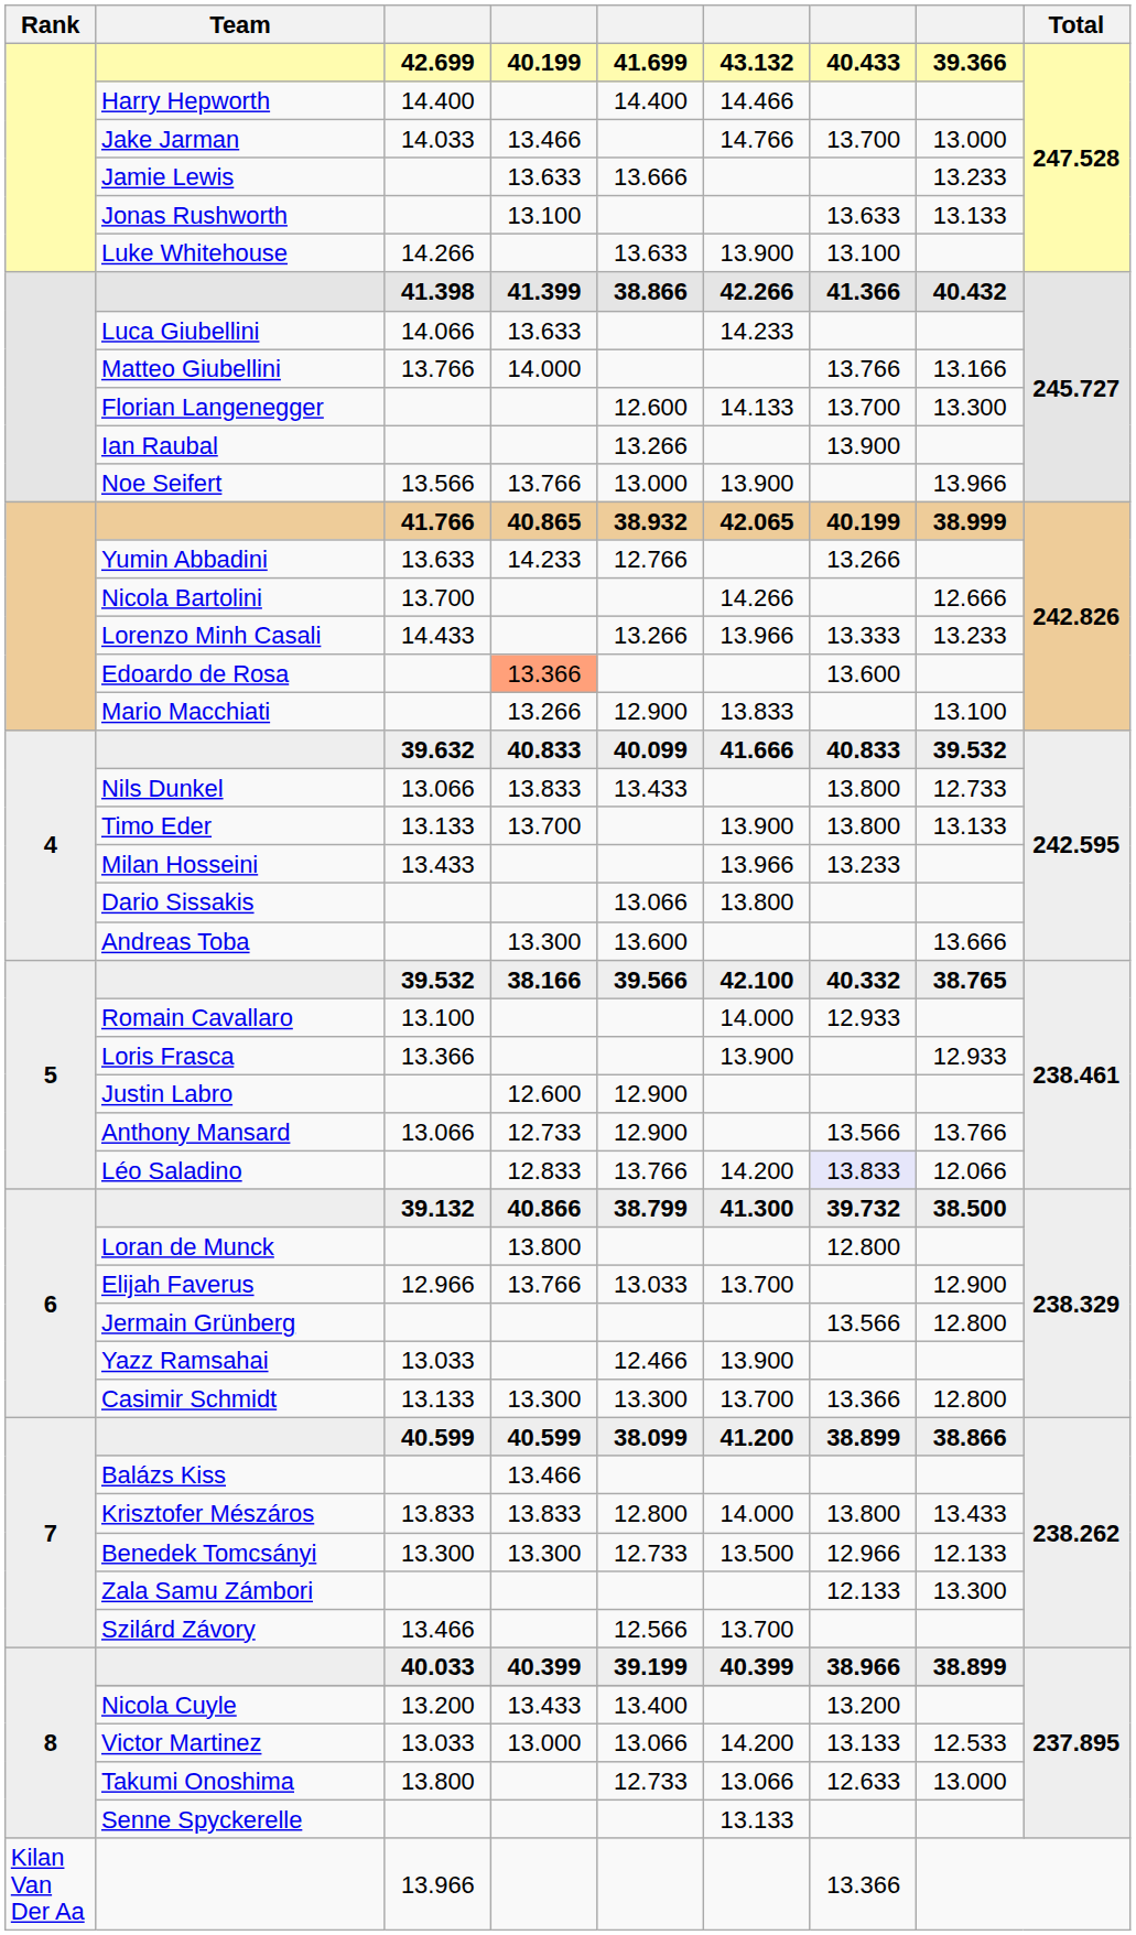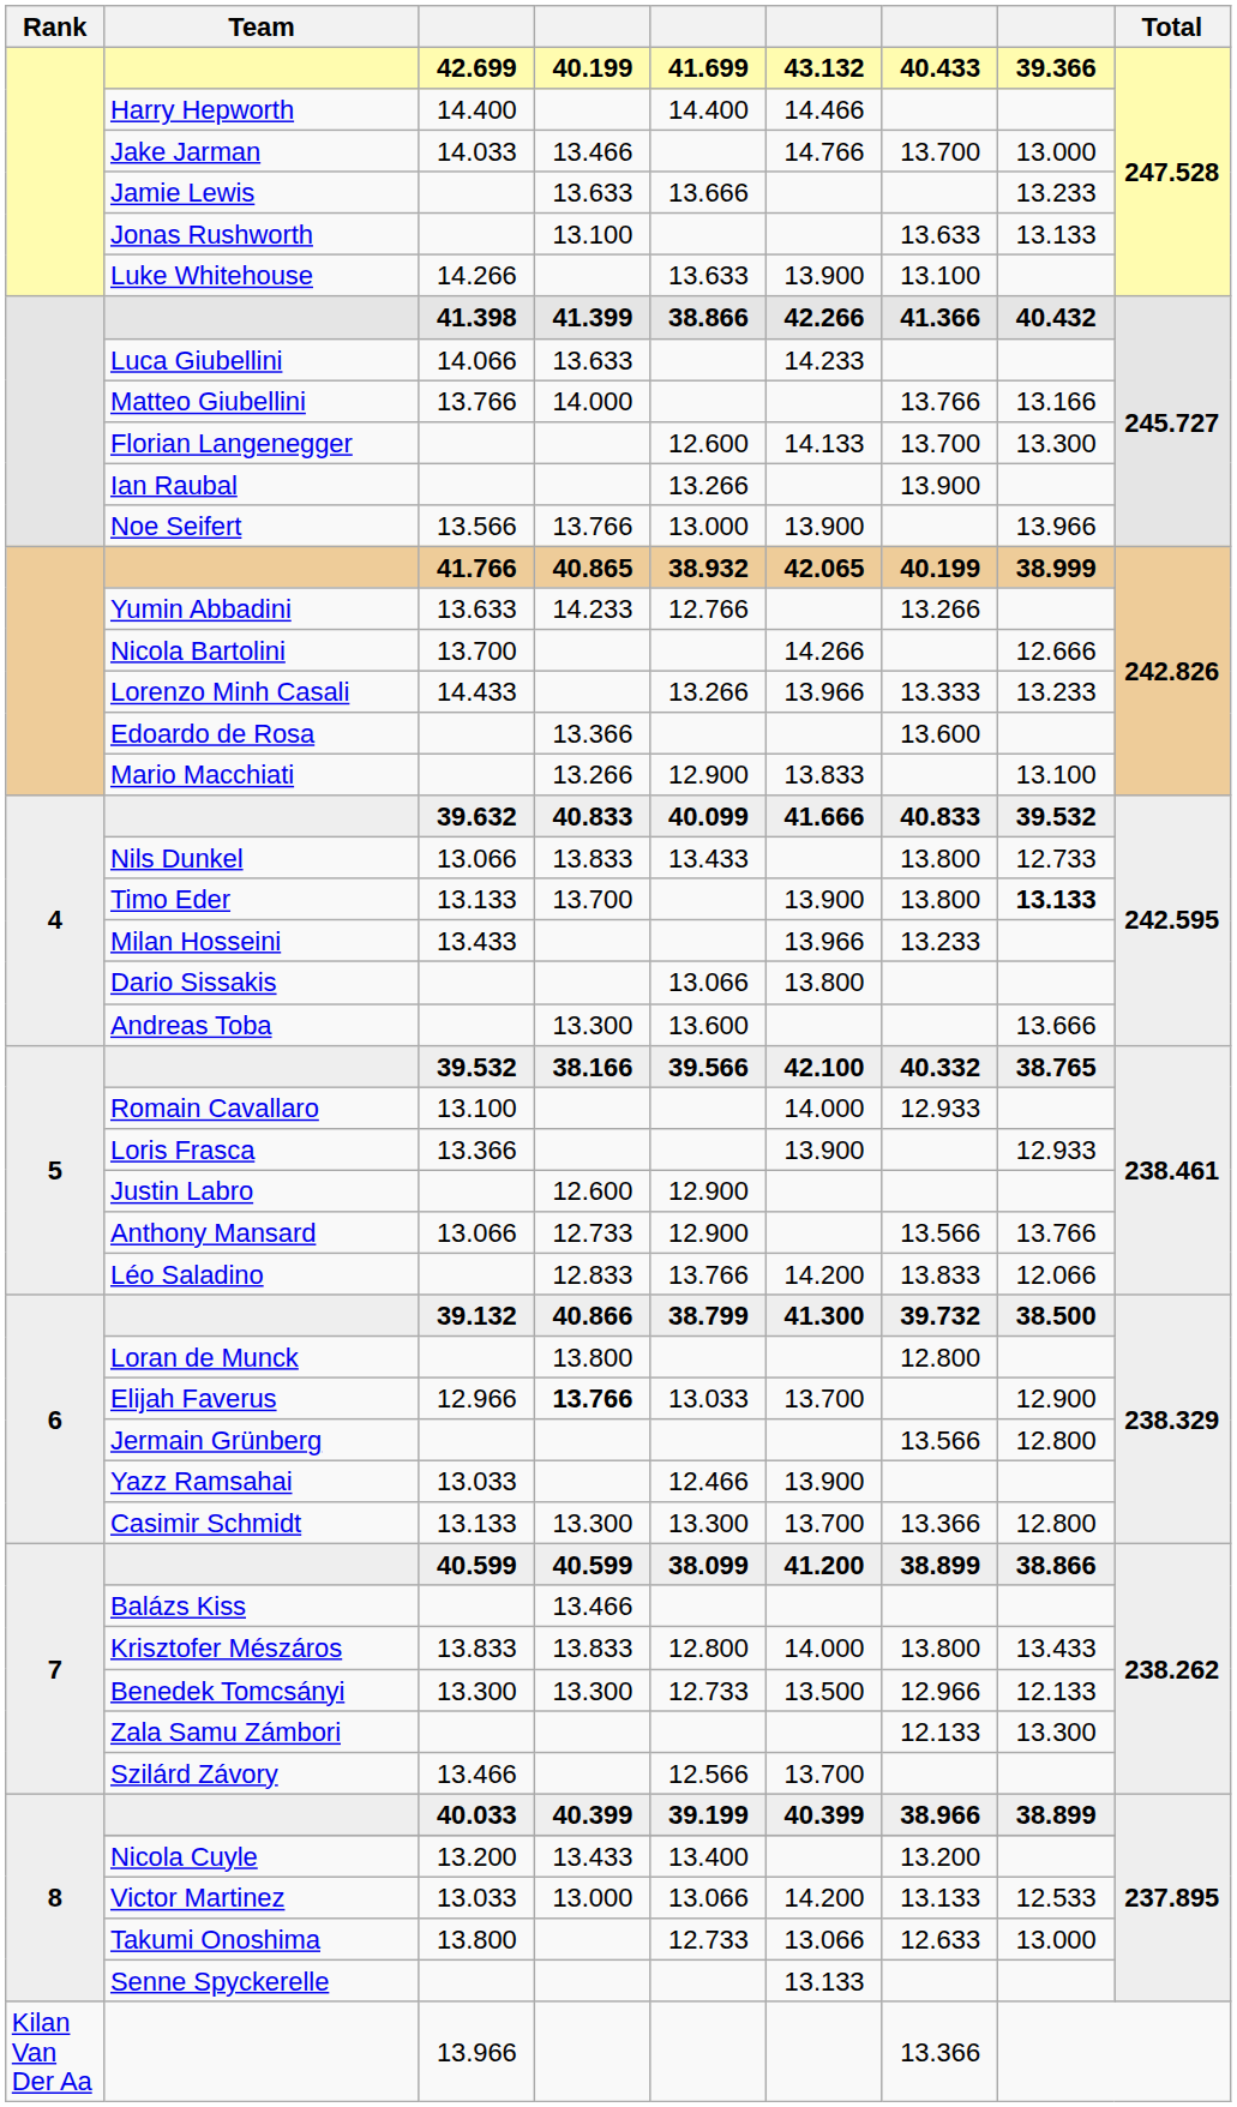 <table class="wikitable sortable" style="text-align:center; font-size:95%">
 <tr>
 <th scope="col" style="width:50px;">Rank</th>
 <th scope="col" style="width:175px;">Team</th>
 <th scope="col" style="width:60px;"></th>
 <th scope="col" style="width:60px;"></th>
 <th scope="col" style="width:60px;"></th>
 <th scope="col" style="width:60px;"></th>
 <th scope="col" style="width:60px;"></th>
 <th scope="col" style="width:60px;"></th>
 <th scope="col" style="width:60px;">Total</th>
 </tr>
 <tr style="background:#fffcaf;">
 <td rowspan="6"><strong></strong></td>
 <td style="text-align:left;"><strong></strong></td>
 <td><strong>42.699</strong></td>
 <td><strong>40.199</strong></td>
 <td><strong>41.699</strong></td>
 <td><strong>43.132</strong></td>
 <td><strong>40.433</strong></td>
 <td><strong>39.366</strong></td>
 <td rowspan="6"><strong>247.528</strong></td>
 </tr>
 <tr>
 <td style="text-align:left;"><a href='#'>Harry Hepworth</a></td>
 <td>14.400</td>
 <td></td>
 <td>14.400</td>
 <td>14.466</td>
 <td></td>
 <td></td>
 </tr>
 <tr>
 <td style="text-align:left;"><a href='#'>Jake Jarman</a></td>
 <td>14.033</td>
 <td>13.466</td>
 <td></td>
 <td>14.766</td>
 <td>13.700</td>
 <td>13.000</td>
 </tr>
 <tr>
 <td style="text-align:left;"><a href='#'>Jamie Lewis</a></td>
 <td></td>
 <td>13.633</td>
 <td>13.666</td>
 <td></td>
 <td></td>
 <td>13.233</td>
 </tr>
 <tr>
 <td style="text-align:left;"><a href='#'>Jonas Rushworth</a></td>
 <td></td>
 <td>13.100</td>
 <td></td>
 <td></td>
 <td>13.633</td>
 <td>13.133</td>
 </tr>
 <tr>
 <td style="text-align:left;"><a href='#'>Luke Whitehouse</a></td>
 <td>14.266</td>
 <td></td>
 <td>13.633</td>
 <td>13.900</td>
 <td>13.100</td>
 <td></td>
 </tr>
 <tr style="background:#e5e5e5;">
 <td rowspan="6"><strong></strong></td>
 <td style="text-align:left;"><strong></strong></td>
 <td><strong>41.398</strong></td>
 <td><strong>41.399</strong></td>
 <td><strong>38.866</strong></td>
 <td><strong>42.266</strong></td>
 <td><strong>41.366</strong></td>
 <td><strong>40.432</strong></td>
 <td rowspan="6"><strong>245.727</strong></td>
 </tr>
 <tr>
 <td style="text-align:left;"><a href='#'>Luca Giubellini</a></td>
 <td>14.066</td>
 <td>13.633</td>
 <td></td>
 <td>14.233</td>
 <td></td>
 <td></td>
 </tr>
 <tr>
 <td style="text-align:left;"><a href='#'>Matteo Giubellini</a></td>
 <td>13.766</td>
 <td>14.000</td>
 <td></td>
 <td></td>
 <td>13.766</td>
 <td>13.166</td>
 </tr>
 <tr>
 <td style="text-align:left;"><a href='#'>Florian Langenegger</a></td>
 <td></td>
 <td></td>
 <td>12.600</td>
 <td>14.133</td>
 <td>13.700</td>
 <td>13.300</td>
 </tr>
 <tr>
 <td style="text-align:left;"><a href='#'>Ian Raubal</a></td>
 <td></td>
 <td></td>
 <td>13.266</td>
 <td></td>
 <td>13.900</td>
 <td></td>
 </tr>
 <tr>
 <td style="text-align:left;"><a href='#'>Noe Seifert</a></td>
 <td>13.566</td>
 <td>13.766</td>
 <td>13.000</td>
 <td>13.900</td>
 <td></td>
 <td>13.966</td>
 </tr>
 <tr style="background:#ec9;">
 <td rowspan="6"><strong></strong></td>
 <td style="text-align:left;"><strong></strong></td>
 <td><strong>41.766</strong></td>
 <td><strong>40.865</strong></td>
 <td><strong>38.932</strong></td>
 <td><strong>42.065</strong></td>
 <td><strong>40.199</strong></td>
 <td><strong>38.999</strong></td>
 <td rowspan="6"><strong>242.826</strong></td>
 </tr>
 <tr>
 <td style="text-align:left;"><a href='#'>Yumin Abbadini</a></td>
 <td>13.633</td>
 <td>14.233</td>
 <td>12.766</td>
 <td></td>
 <td>13.266</td>
 <td></td>
 </tr>
 <tr>
 <td style="text-align:left;"><a href='#'>Nicola Bartolini</a></td>
 <td>13.700</td>
 <td></td>
 <td></td>
 <td>14.266</td>
 <td></td>
 <td>12.666</td>
 </tr>
 <tr>
 <td style="text-align:left;"><a href='#'>Lorenzo Minh Casali</a></td>
 <td>14.433</td>
 <td></td>
 <td>13.266</td>
 <td>13.966</td>
 <td>13.333</td>
 <td>13.233</td>
 </tr>
 <tr>
 <td style="text-align:left;"><a href='#'>Edoardo de Rosa</a></td>
 <td></td>
-<td style="background: lightsalmon;">13.366</td>
+<td>13.366</td>
 <td></td>
 <td></td>
 <td>13.600</td>
 <td></td>
 </tr>
 <tr>
 <td style="text-align:left;"><a href='#'>Mario Macchiati</a></td>
 <td></td>
 <td>13.266</td>
 <td>12.900</td>
 <td>13.833</td>
 <td></td>
 <td>13.100</td>
 </tr>
 <tr style="background:#eee;">
 <td rowspan="6"><strong>4</strong></td>
 <td style="text-align:left;"><strong></strong></td>
 <td><strong>39.632</strong></td>
 <td><strong>40.833</strong></td>
 <td><strong>40.099</strong></td>
 <td><strong>41.666</strong></td>
 <td><strong>40.833</strong></td>
 <td><strong>39.532</strong></td>
 <td rowspan="6"><strong>242.595</strong></td>
 </tr>
 <tr>
 <td style="text-align:left;"><a href='#'>Nils Dunkel</a></td>
 <td>13.066</td>
 <td>13.833</td>
 <td>13.433</td>
 <td></td>
 <td>13.800</td>
 <td>12.733</td>
 </tr>
 <tr>
 <td style="text-align:left;"><a href='#'>Timo Eder</a></td>
 <td>13.133</td>
 <td>13.700</td>
 <td></td>
 <td>13.900</td>
 <td>13.800</td>
-<td>13.133</td>
+<td><strong>13.133</strong></td>
 </tr>
 <tr>
 <td style="text-align:left;"><a href='#'>Milan Hosseini</a></td>
 <td>13.433</td>
 <td></td>
 <td></td>
 <td>13.966</td>
 <td>13.233</td>
 <td></td>
 </tr>
 <tr>
 <td style="text-align:left;"><a href='#'>Dario Sissakis</a></td>
 <td></td>
 <td></td>
 <td>13.066</td>
 <td>13.800</td>
 <td></td>
 <td></td>
 </tr>
 <tr>
 <td style="text-align:left;"><a href='#'>Andreas Toba</a></td>
 <td></td>
 <td>13.300</td>
 <td>13.600</td>
 <td></td>
 <td></td>
 <td>13.666</td>
 </tr>
 <tr style="background:#eee;">
 <td rowspan="6"><strong>5</strong></td>
 <td style="text-align:left;"><strong></strong></td>
 <td><strong>39.532</strong></td>
 <td><strong>38.166</strong></td>
 <td><strong>39.566</strong></td>
 <td><strong>42.100</strong></td>
 <td><strong>40.332</strong></td>
 <td><strong>38.765</strong></td>
 <td rowspan="6"><strong>238.461</strong></td>
 </tr>
 <tr>
 <td style="text-align:left;"><a href='#'>Romain Cavallaro</a></td>
 <td>13.100</td>
 <td></td>
 <td></td>
 <td>14.000</td>
 <td>12.933</td>
 <td></td>
 </tr>
 <tr>
 <td style="text-align:left;"><a href='#'>Loris Frasca</a></td>
 <td>13.366</td>
 <td></td>
 <td></td>
 <td>13.900</td>
 <td></td>
 <td>12.933</td>
 </tr>
 <tr>
 <td style="text-align:left;"><a href='#'>Justin Labro</a></td>
 <td></td>
 <td>12.600</td>
 <td>12.900</td>
 <td></td>
 <td></td>
 <td></td>
 </tr>
 <tr>
 <td style="text-align:left;"><a href='#'>Anthony Mansard</a></td>
 <td>13.066</td>
 <td>12.733</td>
 <td>12.900</td>
 <td></td>
 <td>13.566</td>
 <td>13.766</td>
 </tr>
 <tr>
 <td style="text-align:left;"><a href='#'>Léo Saladino</a></td>
 <td></td>
 <td>12.833</td>
 <td>13.766</td>
 <td>14.200</td>
-<td style="background: lavender;">13.833</td>
+<td>13.833</td>
 <td>12.066</td>
 </tr>
 <tr style="background:#eee;">
 <td rowspan="6"><strong>6</strong></td>
 <td style="text-align:left;"><strong></strong></td>
 <td><strong>39.132</strong></td>
 <td><strong>40.866</strong></td>
 <td><strong>38.799</strong></td>
 <td><strong>41.300</strong></td>
 <td><strong>39.732</strong></td>
 <td><strong>38.500</strong></td>
 <td rowspan="6"><strong>238.329</strong></td>
 </tr>
 <tr>
 <td style="text-align:left;"><a href='#'>Loran de Munck</a></td>
 <td></td>
 <td>13.800</td>
 <td></td>
 <td></td>
 <td>12.800</td>
 <td></td>
 </tr>
 <tr>
 <td style="text-align:left;"><a href='#'>Elijah Faverus</a></td>
 <td>12.966</td>
-<td>13.766</td>
+<td><strong>13.766</strong></td>
 <td>13.033</td>
 <td>13.700</td>
 <td></td>
 <td>12.900</td>
 </tr>
 <tr>
 <td style="text-align:left;"><a href='#'>Jermain Grünberg</a></td>
 <td></td>
 <td></td>
 <td></td>
 <td></td>
 <td>13.566</td>
 <td>12.800</td>
 </tr>
 <tr>
 <td style="text-align:left;"><a href='#'>Yazz Ramsahai</a></td>
 <td>13.033</td>
 <td></td>
 <td>12.466</td>
 <td>13.900</td>
 <td></td>
 <td></td>
 </tr>
 <tr>
 <td style="text-align:left;"><a href='#'>Casimir Schmidt</a></td>
 <td>13.133</td>
 <td>13.300</td>
 <td>13.300</td>
 <td>13.700</td>
 <td>13.366</td>
 <td>12.800</td>
 </tr>
 <tr style="background:#eee;">
 <td rowspan="6"><strong>7</strong></td>
 <td style="text-align:left;"><strong></strong></td>
 <td><strong>40.599</strong></td>
 <td><strong>40.599</strong></td>
 <td><strong>38.099</strong></td>
 <td><strong>41.200</strong></td>
 <td><strong>38.899</strong></td>
 <td><strong>38.866</strong></td>
 <td rowspan="6"><strong>238.262</strong></td>
 </tr>
 <tr>
 <td style="text-align:left;"><a href='#'>Balázs Kiss</a></td>
 <td></td>
 <td>13.466</td>
 <td></td>
 <td></td>
 <td></td>
 <td></td>
 </tr>
 <tr>
 <td style="text-align:left;"><a href='#'>Krisztofer Mészáros</a></td>
 <td>13.833</td>
 <td>13.833</td>
 <td>12.800</td>
 <td>14.000</td>
 <td>13.800</td>
 <td>13.433</td>
 </tr>
 <tr>
 <td style="text-align:left;"><a href='#'>Benedek Tomcsányi</a></td>
 <td>13.300</td>
 <td>13.300</td>
 <td>12.733</td>
 <td>13.500</td>
 <td>12.966</td>
 <td>12.133</td>
 </tr>
 <tr>
 <td style="text-align:left;"><a href='#'>Zala Samu Zámbori</a></td>
 <td></td>
 <td></td>
 <td></td>
 <td></td>
 <td>12.133</td>
 <td>13.300</td>
 </tr>
 <tr>
 <td style="text-align:left;"><a href='#'>Szilárd Závory</a></td>
 <td>13.466</td>
 <td></td>
 <td>12.566</td>
 <td>13.700</td>
 <td></td>
 <td></td>
 </tr>
 <tr style="background:#eee;">
 <td rowspan="6"><strong>8</strong></td>
 <td style="text-align:left;"><strong></strong></td>
 <td><strong>40.033</strong></td>
 <td><strong>40.399</strong></td>
 <td><strong>39.199</strong></td>
 <td><strong>40.399</strong></td>
 <td><strong>38.966</strong></td>
 <td><strong>38.899</strong></td>
 <td rowspan="6"><strong>237.895</strong></td>
 </tr>
 <tr>
 </tr>
 <tr>
 <td style="text-align:left;"><a href='#'>Nicola Cuyle</a></td>
 <td>13.200</td>
 <td>13.433</td>
 <td>13.400</td>
 <td></td>
 <td>13.200</td>
 <td></td>
 </tr>
 <tr>
 <td style="text-align:left;"><a href='#'>Victor Martinez</a></td>
 <td>13.033</td>
 <td>13.000</td>
 <td>13.066</td>
 <td>14.200</td>
 <td>13.133</td>
 <td>12.533</td>
 </tr>
 <tr>
 <td style="text-align:left;"><a href='#'>Takumi Onoshima</a></td>
 <td>13.800</td>
 <td></td>
 <td>12.733</td>
 <td>13.066</td>
 <td>12.633</td>
 <td>13.000</td>
 </tr>
 <tr>
 <td style="text-align:left;"><a href='#'>Senne Spyckerelle</a></td>
 <td></td>
 <td></td>
 <td></td>
 <td>13.133</td>
 <td></td>
 <td></td>
 </tr>
 <tr>
 <td style="text-align:left;"><a href='#'>Kilan Van Der Aa</a></td>
 <td></td>
 <td>13.966</td>
 <td></td>
 <td></td>
 <td></td>
 <td>13.366</td>
 </tr>
 </table>
